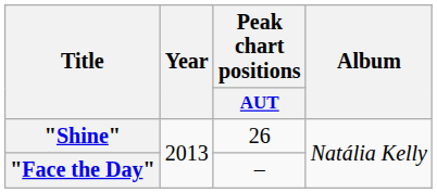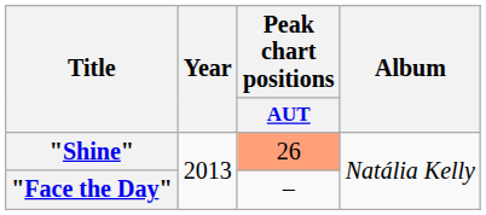 <table class="wikitable plainrowheaders" style="text-align:center;">
 <tr>
 <th scope="col" rowspan="2">Title</th>
 <th scope="col" rowspan="2">Year</th>
 <th scope="col" colspan="1">Peak chart positions</th>
 <th scope="col" rowspan="2">Album</th>
 </tr>
 <tr>
 <th scope="col" style="width:3em;font-size:85%;"><a href='#'>AUT</a><br></th>
 </tr>
 <tr>
 <th scope="row">"<a href='#'>Shine</a>"</th>
 <td rowspan="2">2013</td>
-<td>26</td>
+<td style="background: lightsalmon;">26</td>
 <td rowspan="2"><em>Natália Kelly</em></td>
 </tr>
 <tr>
 <th scope="row">"<a href='#'>Face the Day</a>"</th>
 <td>–</td>
 </tr>
 </table>
